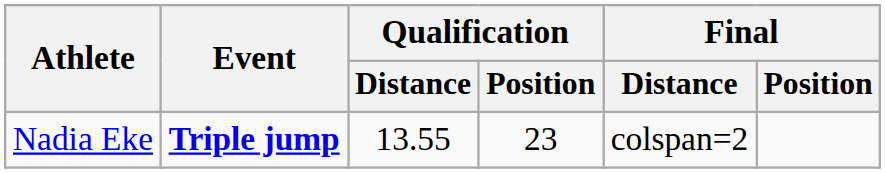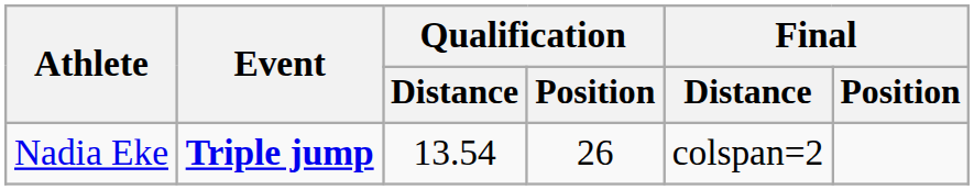 <table class=wikitable style="font-size:90%">
 <tr>
 <th rowspan="2">Athlete</th>
 <th rowspan="2">Event</th>
 <th colspan="2">Qualification</th>
 <th colspan="2">Final</th>
 </tr>
 <tr style="font-size:95%">
 <th>Distance</th>
 <th>Position</th>
 <th>Distance</th>
 <th>Position</th>
 </tr>
 <tr style=text-align:center>
 <td style=text-align:left><a href='#'>Nadia Eke</a></td>
 <td style=text-align:left><strong><a href='#'>Triple jump</a></strong></td>
-<td>13.55</td>
-<td>23</td>
+<td>13.54</td>
+<td>26</td>
 <td>colspan=2 </td>
 </tr>
 </table>
